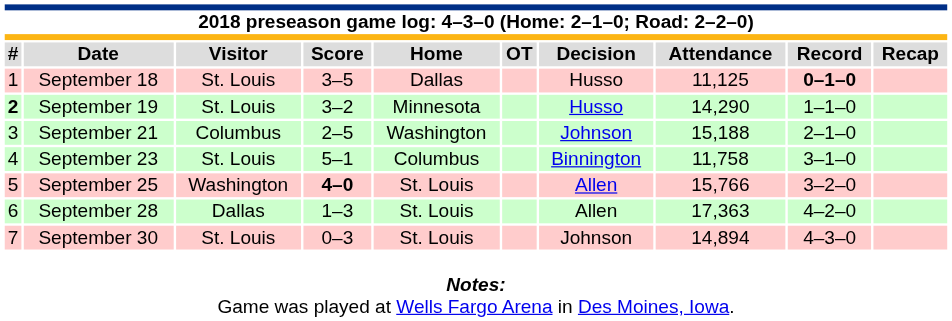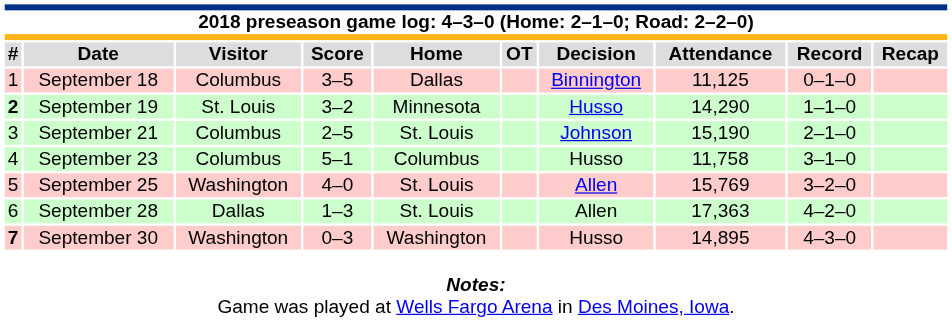 <table class="toccolours collapsible collapsed" style="width:90%; clear:both; margin:1.5em auto; text-align:center;">
 <tr>
 <th colspan="10" style="background:#FFFFFF; border-top:#002F87 5px solid; border-bottom:#FCB514 5px solid;">2018 preseason game log: 4–3–0 (Home: 2–1–0; Road: 2–2–0)</th>
 </tr>
 <tr style="background:#ddd;">
 <th>#</th>
 <th>Date</th>
 <th>Visitor</th>
 <th>Score</th>
 <th>Home</th>
 <th>OT</th>
 <th>Decision</th>
 <th>Attendance</th>
 <th>Record</th>
 <th>Recap</th>
 </tr>
 <tr style="background:#fcc;">
 <td>1</td>
 <td>September 18</td>
-<td>St. Louis</td>
+<td>Columbus</td>
 <td>3–5</td>
 <td>Dallas</td>
 <td></td>
-<td>Husso</td>
+<td><a href='#'>Binnington</a></td>
 <td>11,125</td>
-<td><strong>0–1–0</strong></td>
+<td>0–1–0</td>
 <td></td>
 </tr>
 <tr style="background:#cfc;">
 <td><strong>2</strong></td>
 <td>September 19</td>
 <td>St. Louis</td>
 <td>3–2</td>
 <td>Minnesota</td>
 <td></td>
 <td><a href='#'>Husso</a></td>
 <td>14,290</td>
 <td>1–1–0</td>
 <td></td>
 </tr>
 <tr style="background:#cfc;">
 <td>3</td>
 <td>September 21</td>
 <td>Columbus</td>
 <td>2–5</td>
-<td>Washington</td>
+<td>St. Louis</td>
 <td></td>
 <td><a href='#'>Johnson</a></td>
-<td>15,188</td>
+<td>15,190</td>
 <td>2–1–0</td>
 <td></td>
 </tr>
 <tr style="background:#cfc;">
 <td>4</td>
 <td>September 23</td>
-<td>St. Louis</td>
+<td>Columbus</td>
 <td>5–1</td>
 <td>Columbus</td>
 <td></td>
-<td><a href='#'>Binnington</a></td>
+<td>Husso</td>
 <td>11,758</td>
 <td>3–1–0</td>
 <td></td>
 </tr>
 <tr style="background:#fcc;">
 <td>5</td>
 <td>September 25</td>
 <td>Washington</td>
-<td><strong>4–0</strong></td>
+<td>4–0</td>
 <td>St. Louis</td>
 <td></td>
 <td><a href='#'>Allen</a></td>
-<td>15,766</td>
+<td>15,769</td>
 <td>3–2–0</td>
 <td></td>
 </tr>
 <tr style="background:#cfc;">
 <td>6</td>
 <td>September 28</td>
 <td>Dallas</td>
 <td>1–3</td>
 <td>St. Louis</td>
 <td></td>
 <td>Allen</td>
 <td>17,363</td>
 <td>4–2–0</td>
 <td></td>
 </tr>
 <tr style="background:#fcc;">
-<td>7</td>
+<td><strong>7</strong></td>
 <td>September 30</td>
-<td>St. Louis</td>
+<td>Washington</td>
 <td>0–3</td>
-<td>St. Louis</td>
+<td>Washington</td>
 <td></td>
-<td>Johnson</td>
-<td>14,894</td>
+<td>Husso</td>
+<td>14,895</td>
 <td>4–3–0</td>
 <td></td>
 </tr>
 <tr>
 <td colspan="10" style="text-align:center;"><br><strong><em>Notes:</em></strong><br>  Game was played at <a href='#'>Wells Fargo Arena</a> in <a href='#'>Des Moines, Iowa</a>.</td>
 </tr>
 </table>
